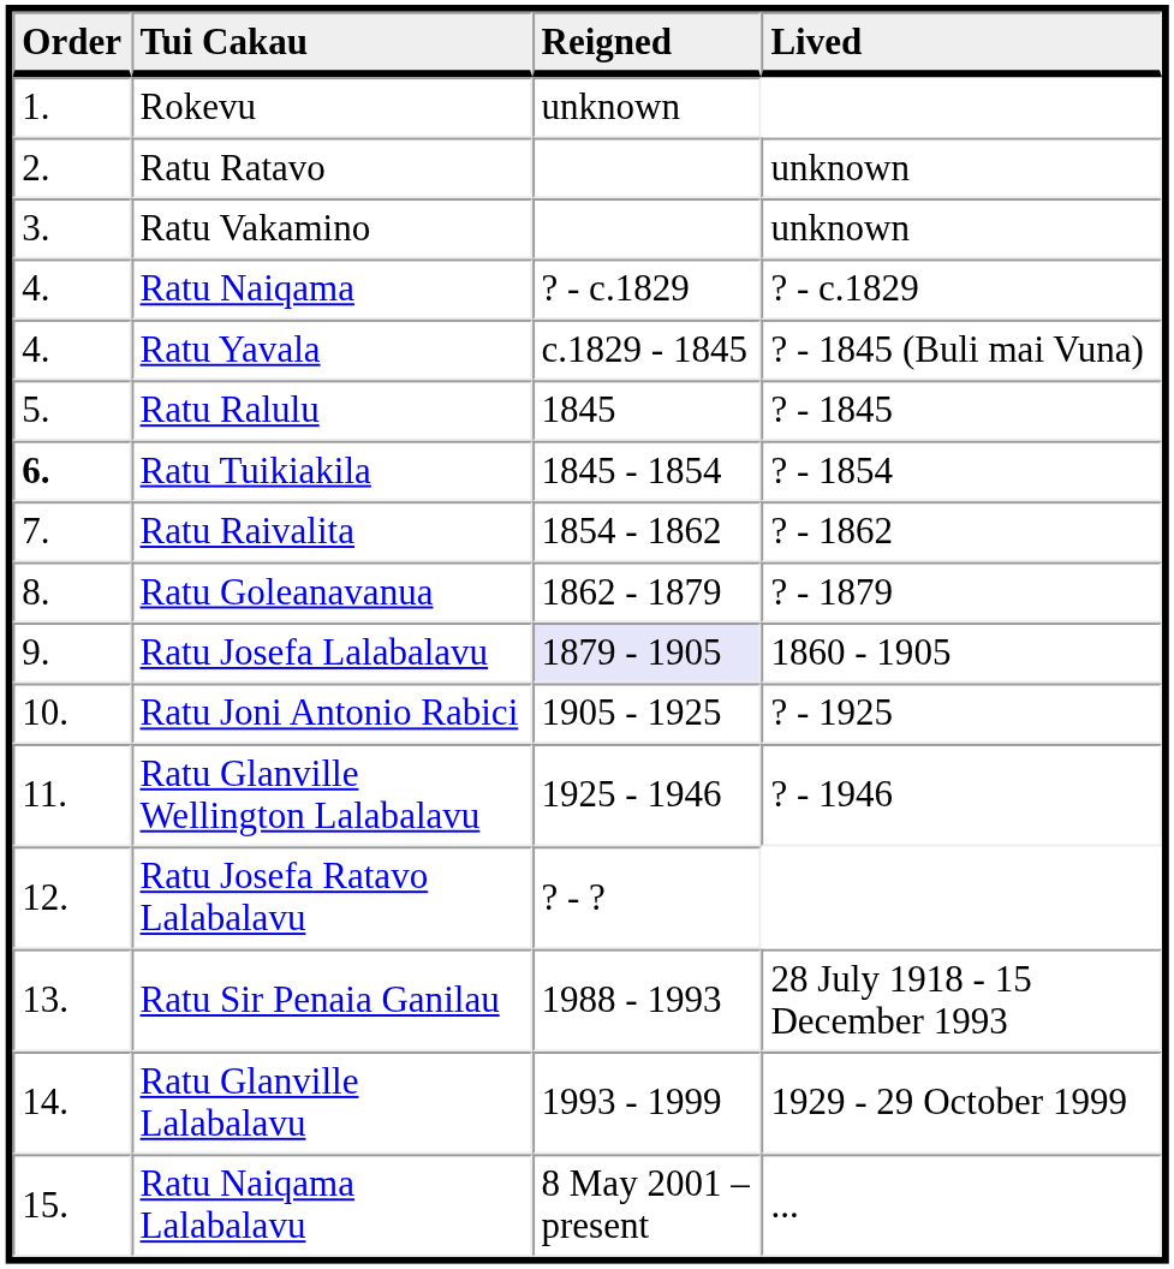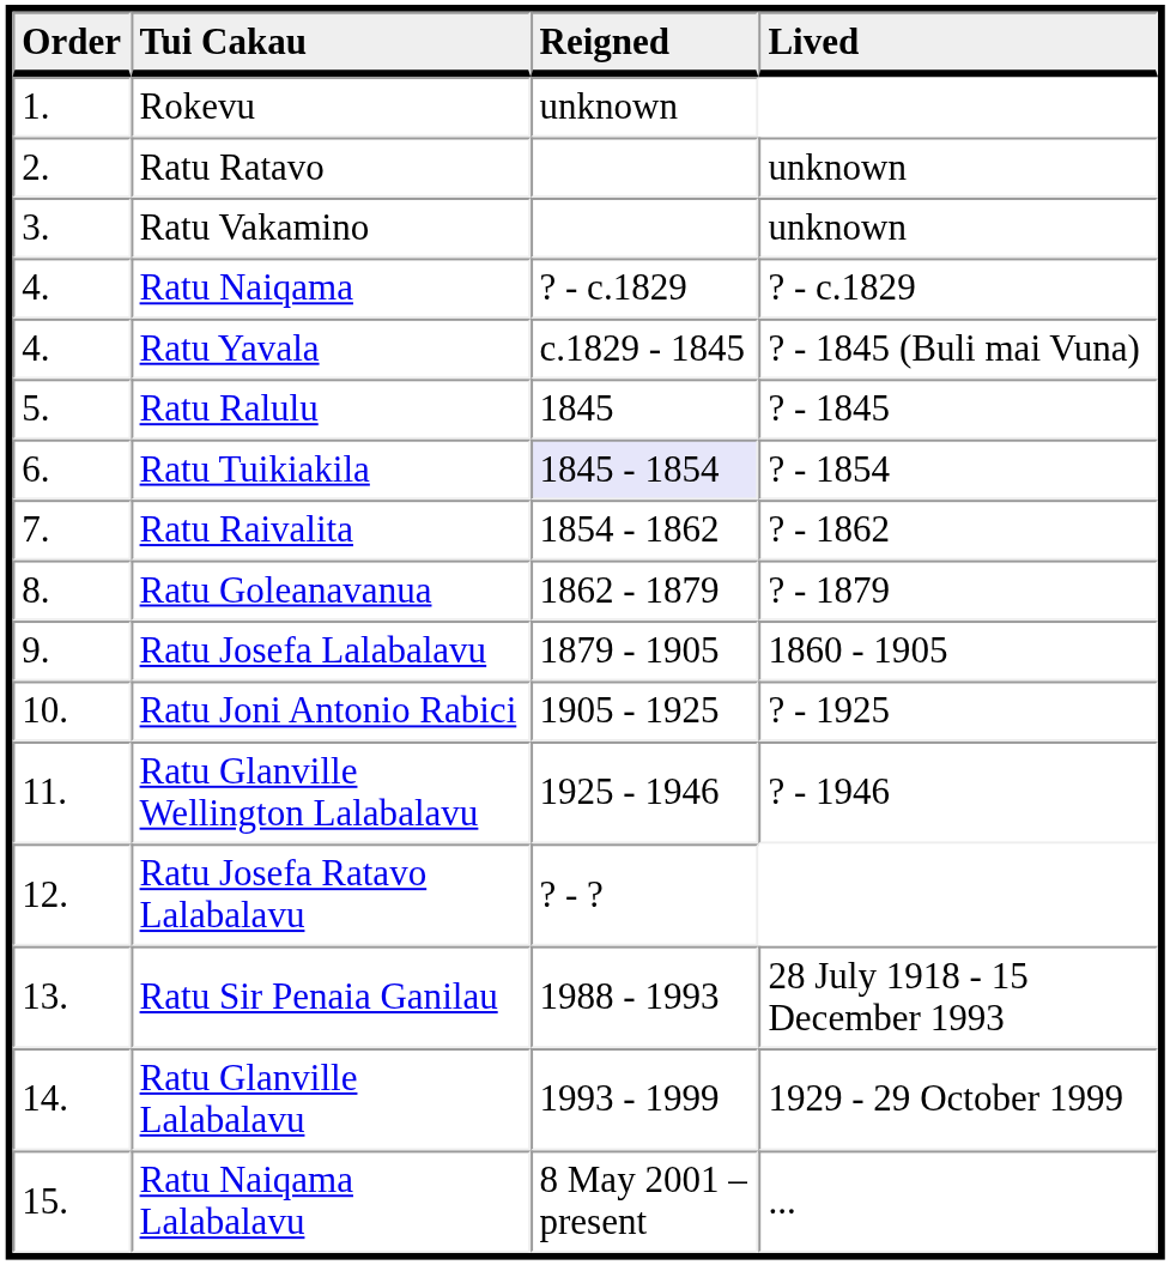 <table table width="80%" border="1" align="center" cellpadding=3 cellspacing=0 style="margin:5px; border:3px solid;">
 <tr>
 <td td width="10%" style="border-bottom:3px solid; background:#efefef;"><strong>Order</strong></td>
 <td td width="35%" style="border-bottom:3px solid; background:#efefef;"><strong>Tui Cakau</strong></td>
 <td td width="20%" style="border-bottom:3px solid; background:#efefef;"><strong>Reigned</strong></td>
 <td td width="35%" style="border-bottom:3px solid; background:#efefef;"><strong>Lived</strong></td>
 </tr>
 <tr>
 <td>1.</td>
 <td>Rokevu</td>
 <td>unknown</td>
 </tr>
 <tr>
 <td>2.</td>
 <td>Ratu Ratavo</td>
 <td></td>
 <td>unknown</td>
 </tr>
 <tr>
 <td>3.</td>
 <td>Ratu Vakamino</td>
 <td></td>
 <td>unknown</td>
 </tr>
 <tr>
 <td>4.</td>
 <td><a href='#'>Ratu Naiqama</a></td>
 <td>? - c.1829</td>
 <td>? - c.1829</td>
 </tr>
 <tr>
 <td>4.</td>
 <td><a href='#'>Ratu Yavala</a></td>
 <td>c.1829 - 1845</td>
 <td>? - 1845 (Buli mai Vuna)</td>
 </tr>
 <tr>
 <td>5.</td>
 <td><a href='#'>Ratu Ralulu</a></td>
 <td>1845</td>
 <td>? - 1845</td>
 </tr>
 <tr>
-<td><strong>6.</strong></td>
+<td>6.</td>
 <td><a href='#'>Ratu Tuikiakila</a></td>
-<td>1845 - 1854</td>
+<td style="background: lavender;">1845 - 1854</td>
 <td>? - 1854</td>
 </tr>
 <tr>
 <td>7.</td>
 <td><a href='#'>Ratu Raivalita</a></td>
 <td>1854 - 1862</td>
 <td>? - 1862</td>
 </tr>
 <tr>
 <td>8.</td>
 <td><a href='#'>Ratu Goleanavanua</a></td>
 <td>1862 - 1879</td>
 <td>? - 1879</td>
 </tr>
 <tr>
 <td>9.</td>
 <td><a href='#'>Ratu Josefa Lalabalavu</a></td>
-<td style="background: lavender;">1879 - 1905</td>
+<td>1879 - 1905</td>
 <td>1860 - 1905</td>
 </tr>
 <tr>
 <td>10.</td>
 <td><a href='#'>Ratu Joni Antonio Rabici</a></td>
 <td>1905 - 1925</td>
 <td>? - 1925</td>
 </tr>
 <tr>
 <td>11.</td>
 <td><a href='#'>Ratu Glanville Wellington Lalabalavu</a></td>
 <td>1925 - 1946</td>
 <td>? - 1946</td>
 </tr>
 <tr>
 <td>12.</td>
 <td><a href='#'>Ratu Josefa Ratavo Lalabalavu</a></td>
 <td 1946 - 1987>? - ?</td>
 </tr>
 <tr>
 <td>13.</td>
 <td><a href='#'>Ratu Sir Penaia Ganilau</a></td>
 <td>1988 - 1993</td>
 <td>28 July 1918 - 15 December 1993</td>
 </tr>
 <tr>
 <td>14.</td>
 <td><a href='#'>Ratu Glanville Lalabalavu</a></td>
 <td>1993 - 1999</td>
 <td>1929 - 29 October 1999</td>
 </tr>
 <tr>
 <td>15.</td>
 <td><a href='#'>Ratu Naiqama Lalabalavu</a></td>
 <td>8 May 2001 – present</td>
 <td>...</td>
 </tr>
 </table>
